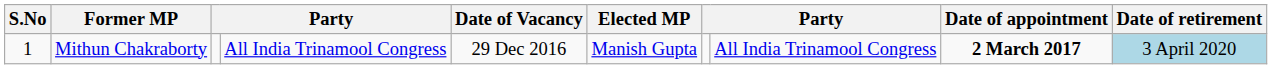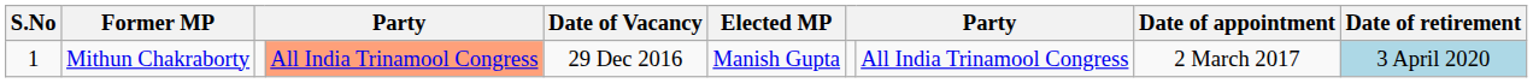 <table class="wikitable sortable">
 <tr>
 <th>S.No</th>
 <th>Former MP</th>
 <th colspan=2>Party</th>
 <th>Date of Vacancy</th>
 <th>Elected MP</th>
 <th colspan=2>Party</th>
 <th>Date of appointment</th>
 <th>Date of retirement</th>
 </tr>
 <tr style="text-align:center;">
 <td>1</td>
 <td><a href='#'>Mithun Chakraborty</a></td>
 <td></td>
-<td><a href='#'>All India Trinamool Congress</a></td>
+<td style="background: lightsalmon;"><a href='#'>All India Trinamool Congress</a></td>
 <td>29 Dec 2016</td>
 <td><a href='#'>Manish Gupta</a></td>
 <td></td>
 <td><a href='#'>All India Trinamool Congress</a></td>
-<td><strong>2 March 2017</strong></td>
+<td>2 March 2017</td>
 <td style="background: lightblue;">3 April 2020</td>
 </tr>
 </table>
